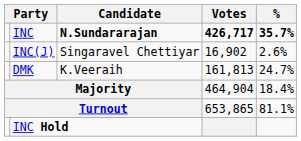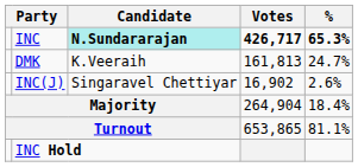 <table class="wikitable">
 <tr>
 <th colspan="2">Party</th>
 <th>Candidate</th>
 <th>Votes</th>
 <th>%</th>
 </tr>
 <tr>
 <td></td>
 <td><a href='#'>INC</a></td>
-<td><strong>N.Sundararajan</strong></td>
+<td style="background: paleturquoise;"><strong>N.Sundararajan</strong></td>
 <td><strong>426,717</strong></td>
-<td><strong>35.7%</strong></td>
+<td><strong>65.3%</strong></td>
+</tr>
+<tr>
+<td></td>
+<td><a href='#'>DMK</a></td>
+<td>K.Veeraih</td>
+<td>161,813</td>
+<td>24.7%</td>
 </tr>
 <tr>
 <td></td>
 <td><a href='#'>INC(J)</a></td>
 <td>Singaravel Chettiyar</td>
 <td>16,902</td>
 <td>2.6%</td>
 </tr>
 <tr>
-<td></td>
-<td><a href='#'>DMK</a></td>
-<td>K.Veeraih</td>
-<td>161,813</td>
-<td>24.7%</td>
-</tr>
-<tr>
 <th colspan="3">Majority</th>
-<td>464,904</td>
+<td>264,904</td>
 <td>18.4%</td>
 </tr>
 <tr>
 <th colspan="3"><a href='#'>Turnout</a></th>
 <td>653,865</td>
 <td>81.1%</td>
 </tr>
 <tr>
 <td></td>
 <td colspan="2"><a href='#'>INC</a> <strong>Hold</strong></td>
 <th></th>
 <td></td>
 </tr>
 </table>
